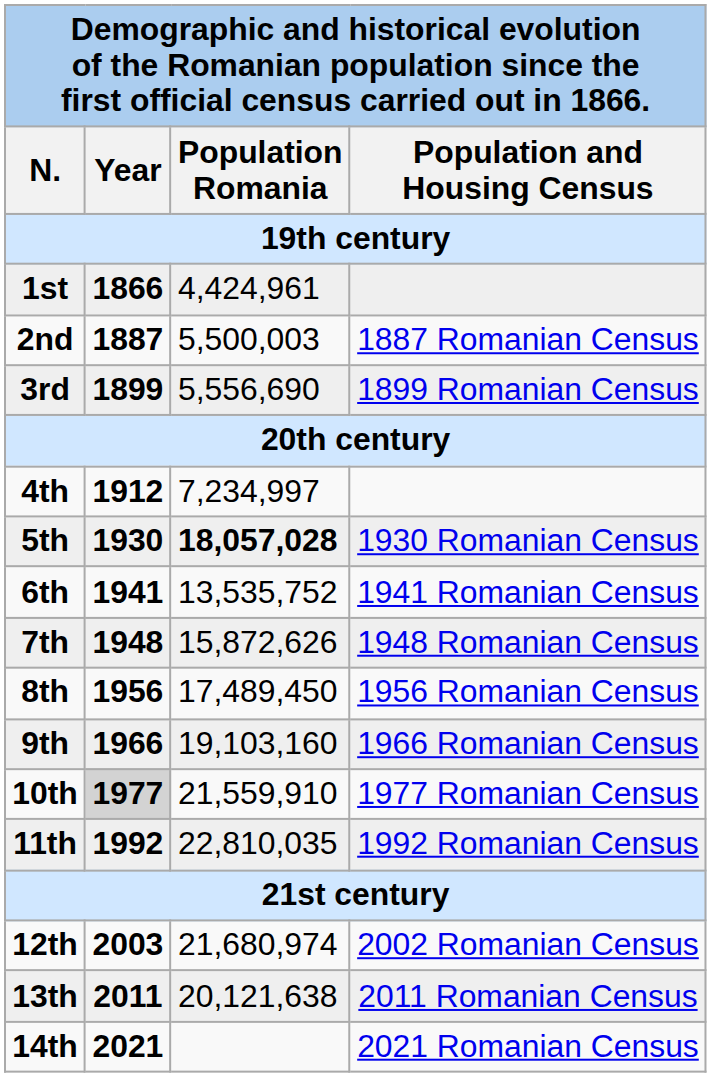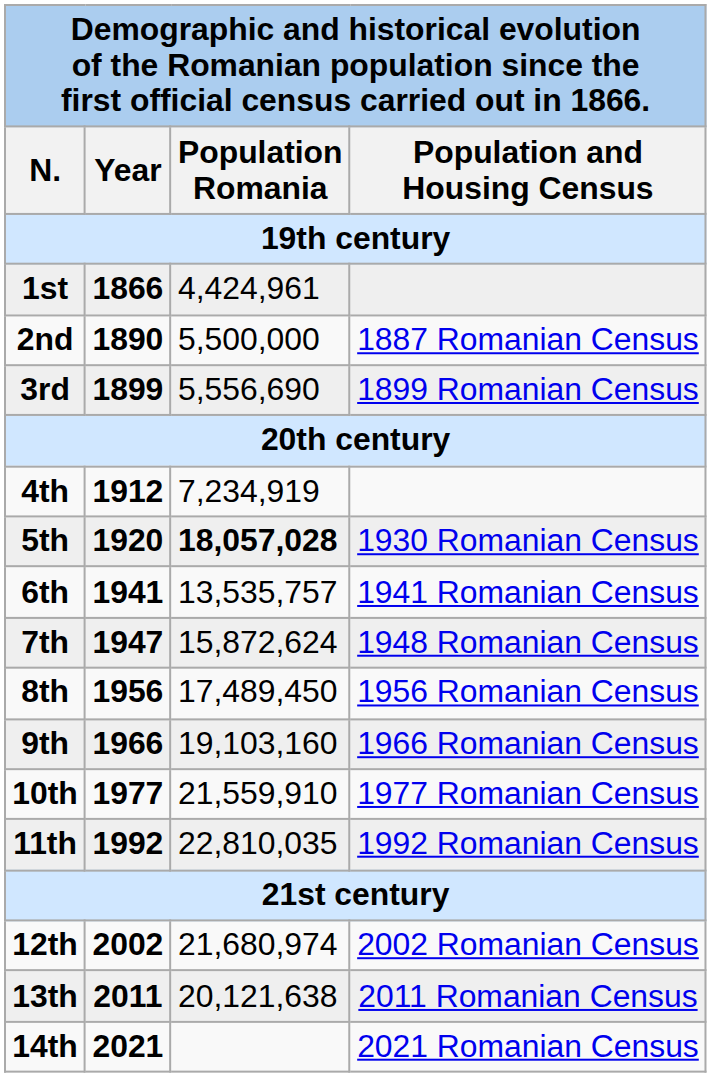 <table class="wikitable">
 <tr>
 <th colspan= "4" style="text-align:center; background:#abcdef;">Demographic and historical evolution <br>of the Romanian population since the <br> first official census carried out in 1866.</th>
 </tr>
 <tr>
 <th>N.</th>
 <th>Year</th>
 <th>Population<br>Romania</th>
 <th>Population and <br> Housing Census</th>
 </tr>
 <tr align="center">
 <td colspan="4" style="background:#D0E7FF"><strong>19th century</strong></td>
 </tr>
 <tr align="center" style="background:#efefef; color:black">
 <td><strong>1st</strong></td>
 <td><strong>1866</strong></td>
 <td align="left"> 4,424,961</td>
 <td></td>
 </tr>
 <tr align="center">
 <td><strong>2nd</strong></td>
-<td><strong>1887</strong></td>
-<td align="left"> 5,500,003</td>
+<td><strong>1890</strong></td>
+<td align="left"> 5,500,000</td>
 <td><a href='#'>1887 Romanian Census</a></td>
 </tr>
 <tr align="center" style="background:#efefef; color:black">
 <td><strong>3rd</strong></td>
 <td><strong>1899</strong></td>
 <td align="left"> 5,556,690</td>
 <td><a href='#'>1899 Romanian Census</a></td>
 </tr>
 <tr align="center">
 <td colspan="4" style="background:#D0E7FF"><strong>20th century</strong></td>
 </tr>
 <tr align="center">
 <td><strong>4th</strong></td>
 <td><strong>1912</strong></td>
-<td align="left"> 7,234,997</td>
+<td align="left"> 7,234,919</td>
 <td></td>
 </tr>
 <tr align="center" style="background:#efefef; color:black">
 <td><strong>5th</strong></td>
-<td><strong>1930</strong></td>
+<td><strong>1920</strong></td>
 <td align="left"><strong> 18,057,028</strong></td>
 <td><a href='#'>1930 Romanian Census</a></td>
 </tr>
 <tr align="center">
 <td><strong>6th</strong></td>
 <td><strong>1941</strong></td>
-<td align="left"> 13,535,752</td>
+<td align="left"> 13,535,757</td>
 <td><a href='#'>1941 Romanian Census</a></td>
 </tr>
 <tr align="center" style="background:#efefef; color:black">
 <td><strong>7th</strong></td>
-<td><strong>1948</strong></td>
-<td align="left"> 15,872,626</td>
+<td><strong>1947</strong></td>
+<td align="left"> 15,872,624</td>
 <td><a href='#'>1948 Romanian Census</a></td>
 </tr>
 <tr align="center">
 <td><strong>8th</strong></td>
 <td><strong>1956</strong></td>
 <td align="left"> 17,489,450</td>
 <td><a href='#'>1956 Romanian Census</a></td>
 </tr>
 <tr align="center" style="background:#efefef; color:black">
 <td><strong>9th</strong></td>
 <td><strong>1966</strong></td>
 <td align="left"> 19,103,160</td>
 <td><a href='#'>1966 Romanian Census</a></td>
 </tr>
 <tr align="center">
 <td><strong>10th</strong></td>
-<td style="background: lightgrey;"><strong>1977</strong></td>
+<td><strong>1977</strong></td>
 <td align="left"> 21,559,910</td>
 <td><a href='#'>1977 Romanian Census</a></td>
 </tr>
 <tr align="center" style="background:#efefef; color:black">
 <td><strong>11th</strong></td>
 <td><strong>1992</strong></td>
 <td align="left"> 22,810,035</td>
 <td><a href='#'>1992 Romanian Census</a></td>
 </tr>
 <tr align="center">
 <td colspan="4" style="background:#D0E7FF"><strong>21st century</strong></td>
 </tr>
 <tr align="center">
 <td><strong>12th</strong></td>
-<td><strong>2003</strong></td>
+<td><strong>2002</strong></td>
 <td align="left"> 21,680,974</td>
 <td><a href='#'>2002 Romanian Census</a></td>
 </tr>
 <tr align="center" style="background:#efefef; color:black">
 <td><strong>13th</strong></td>
 <td><strong>2011</strong></td>
 <td align="left"> 20,121,638</td>
 <td><a href='#'>2011 Romanian Census</a></td>
 </tr>
 <tr align="center">
 <td><strong>14th</strong></td>
 <td><strong>2021</strong></td>
 <td align="left"></td>
 <td><a href='#'>2021 Romanian Census</a></td>
 </tr>
 </table>
